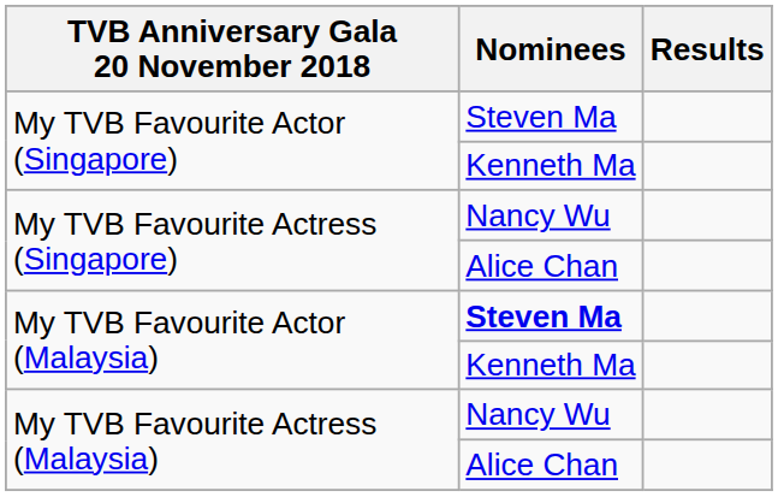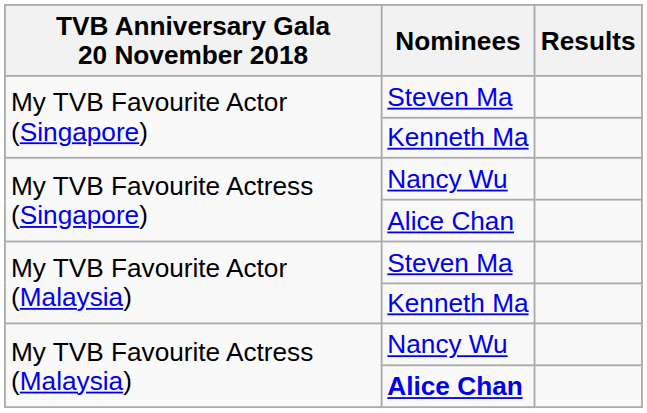 <table class="wikitable" style="font-size: 90%;">
 <tr>
 <th style="width:200px;">TVB Anniversary Gala <br> 20 November 2018</th>
 <th>Nominees</th>
 <th>Results</th>
 </tr>
 <tr>
 <td rowspan="2">My TVB Favourite Actor (<a href='#'>Singapore</a>)</td>
 <td><a href='#'>Steven Ma</a></td>
 <td></td>
 </tr>
 <tr>
 <td><a href='#'>Kenneth Ma</a></td>
 <td></td>
 </tr>
 <tr>
 <td rowspan="2">My TVB Favourite Actress (<a href='#'>Singapore</a>)</td>
 <td><a href='#'>Nancy Wu</a></td>
 <td></td>
 </tr>
 <tr>
 <td><a href='#'>Alice Chan</a></td>
 <td></td>
 </tr>
 <tr>
 <td rowspan="2">My TVB Favourite Actor (<a href='#'>Malaysia</a>)</td>
-<td><strong><a href='#'>Steven Ma</a></strong></td>
+<td><a href='#'>Steven Ma</a></td>
 <td></td>
 </tr>
 <tr>
 <td><a href='#'>Kenneth Ma</a></td>
 <td></td>
 </tr>
 <tr>
 <td rowspan="2">My TVB Favourite Actress (<a href='#'>Malaysia</a>)</td>
 <td><a href='#'>Nancy Wu</a></td>
 <td></td>
 </tr>
 <tr>
-<td><a href='#'>Alice Chan</a></td>
+<td><strong><a href='#'>Alice Chan</a></strong></td>
 <td></td>
 </tr>
 </table>
